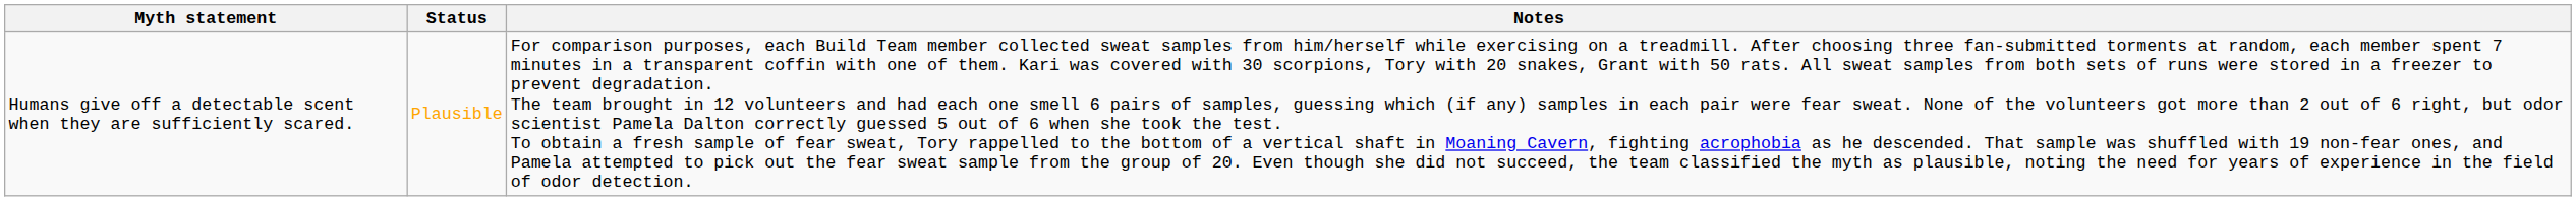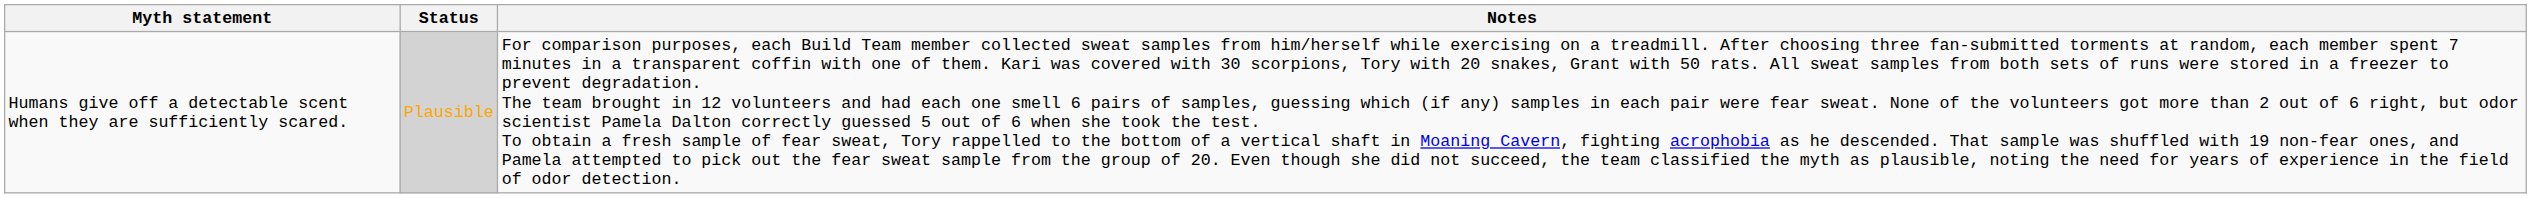 <table class="wikitable plainrowheaders">
 <tr>
 <th>Myth statement</th>
 <th>Status</th>
 <th>Notes</th>
 </tr>
 <tr>
 <td>Humans give off a detectable scent when they are sufficiently scared.</td>
-<td style="color:orange">Plausible</td>
+<td style="background: lightgrey; color:orange">Plausible</td>
 <td>For comparison purposes, each Build Team member collected sweat samples from him/herself while exercising on a treadmill. After choosing three fan-submitted torments at random, each member spent 7 minutes in a transparent coffin with one of them. Kari was covered with 30 scorpions, Tory with 20 snakes, Grant with 50 rats. All sweat samples from both sets of runs were stored in a freezer to prevent degradation.<br>The team brought in 12 volunteers and had each one smell 6 pairs of samples, guessing which (if any) samples in each pair were fear sweat. None of the volunteers got more than 2 out of 6 right, but odor scientist Pamela Dalton correctly guessed 5 out of 6 when she took the test.<br>To obtain a fresh sample of fear sweat, Tory rappelled to the bottom of a  vertical shaft in <a href='#'>Moaning Cavern</a>, fighting <a href='#'>acrophobia</a> as he descended. That sample was shuffled with 19 non-fear ones, and Pamela attempted to pick out the fear sweat sample from the group of 20. Even though she did not succeed, the team classified the myth as plausible, noting the need for years of experience in the field of odor detection.</td>
 </tr>
 </table>
